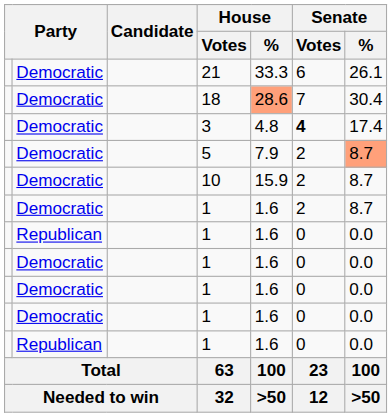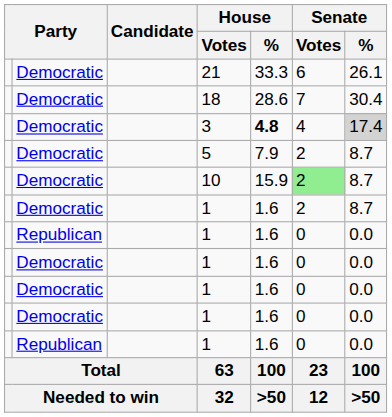 <table class="wikitable sortable">
 <tr>
 <th colspan="2" rowspan="2">Party</th>
 <th rowspan="2">Candidate</th>
 <th colspan="2">House</th>
 <th colspan="2">Senate</th>
 </tr>
 <tr>
 <th>Votes</th>
 <th>%</th>
 <th>Votes</th>
 <th>%</th>
 </tr>
 <tr>
 <td style="background-color:"></td>
 <td><a href='#'>Democratic</a></td>
 <td></td>
 <td>21</td>
 <td>33.3</td>
 <td>6</td>
 <td>26.1</td>
 </tr>
 <tr>
 <td style="background-color:"></td>
 <td><a href='#'>Democratic</a></td>
 <td></td>
 <td>18</td>
-<td style="background: lightsalmon;">28.6</td>
+<td>28.6</td>
 <td>7</td>
 <td>30.4</td>
 </tr>
 <tr>
 <td style="background-color:"></td>
 <td><a href='#'>Democratic</a></td>
 <td></td>
 <td>3</td>
-<td>4.8</td>
-<td><strong>4</strong></td>
-<td>17.4</td>
+<td><strong>4.8</strong></td>
+<td>4</td>
+<td style="background: lightgrey;">17.4</td>
 </tr>
 <tr>
 <td style="background-color:"></td>
 <td><a href='#'>Democratic</a></td>
 <td></td>
 <td>5</td>
 <td>7.9</td>
 <td>2</td>
-<td style="background: lightsalmon;">8.7</td>
+<td>8.7</td>
 </tr>
 <tr>
 <td style="background-color:"></td>
 <td><a href='#'>Democratic</a></td>
 <td></td>
 <td>10</td>
 <td>15.9</td>
-<td>2</td>
+<td style="background: lightgreen;">2</td>
 <td>8.7</td>
 </tr>
 <tr>
 <td style="background-color:"></td>
 <td><a href='#'>Democratic</a></td>
 <td></td>
 <td>1</td>
 <td>1.6</td>
 <td>2</td>
 <td>8.7</td>
 </tr>
 <tr>
 <td style="background-color:"></td>
 <td><a href='#'>Republican</a></td>
 <td></td>
 <td>1</td>
 <td>1.6</td>
 <td>0</td>
 <td>0.0</td>
 </tr>
 <tr>
 <td style="background-color:"></td>
 <td><a href='#'>Democratic</a></td>
 <td></td>
 <td>1</td>
 <td>1.6</td>
 <td>0</td>
 <td>0.0</td>
 </tr>
 <tr>
 <td style="background-color:"></td>
 <td><a href='#'>Democratic</a></td>
 <td></td>
 <td>1</td>
 <td>1.6</td>
 <td>0</td>
 <td>0.0</td>
 </tr>
 <tr>
 <td style="background-color:"></td>
 <td><a href='#'>Democratic</a></td>
 <td></td>
 <td>1</td>
 <td>1.6</td>
 <td>0</td>
 <td>0.0</td>
 </tr>
 <tr>
 <td style="background-color:"></td>
 <td><a href='#'>Republican</a></td>
 <td></td>
 <td>1</td>
 <td>1.6</td>
 <td>0</td>
 <td>0.0</td>
 </tr>
 <tr>
 <th colspan="3">Total</th>
 <th>63</th>
 <th>100</th>
 <th>23</th>
 <th>100</th>
 </tr>
 <tr>
 <th colspan="3">Needed to win</th>
 <th>32</th>
 <th>>50</th>
 <th>12</th>
 <th>>50</th>
 </tr>
 </table>
